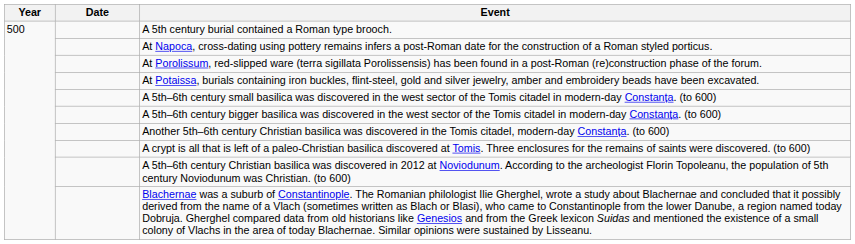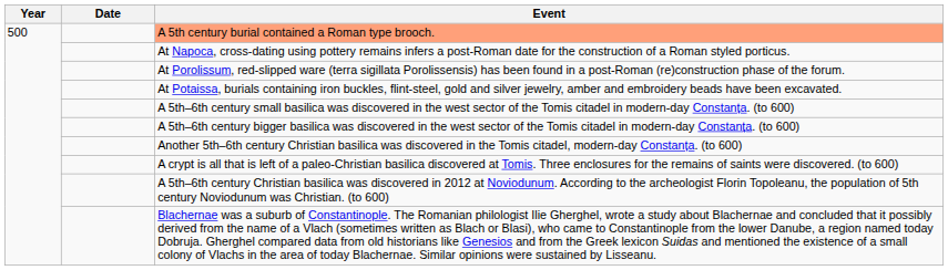 <table class="wikitable" width="100%">
 <tr>
 <th style="width:6%">Year</th>
 <th style="width:10%">Date</th>
 <th>Event</th>
 </tr>
 <tr>
 <td rowspan="10" valign="top">500</td>
 <td></td>
-<td>A 5th century burial contained a Roman type brooch.</td>
+<td style="background: lightsalmon;">A 5th century burial contained a Roman type brooch.</td>
 </tr>
 <tr>
 <td></td>
 <td>At <a href='#'>Napoca</a>, cross-dating using pottery remains infers a post-Roman date for the construction of a Roman styled porticus.</td>
 </tr>
 <tr>
 <td></td>
 <td>At <a href='#'>Porolissum</a>, red-slipped ware (terra sigillata Porolissensis) has been found in a post-Roman (re)construction phase of the forum.</td>
 </tr>
 <tr>
 <td></td>
 <td>At <a href='#'>Potaissa</a>, burials containing iron buckles, flint-steel, gold and silver jewelry, amber and embroidery beads have been excavated.</td>
 </tr>
 <tr>
 <td></td>
 <td>A 5th–6th century small basilica was discovered in the west sector of the Tomis citadel in modern-day <a href='#'>Constanța</a>. (to 600)</td>
 </tr>
 <tr>
 <td></td>
 <td>A 5th–6th century bigger basilica was discovered in the west sector of the Tomis citadel in modern-day <a href='#'>Constanța</a>. (to 600)</td>
 </tr>
 <tr>
 <td></td>
 <td>Another 5th–6th century Christian basilica was discovered in the Tomis citadel, modern-day <a href='#'>Constanța</a>. (to 600)</td>
 </tr>
 <tr>
 <td></td>
 <td>A crypt is all that is left of a paleo-Christian basilica discovered at <a href='#'>Tomis</a>. Three enclosures for the remains of saints were discovered. (to 600)</td>
 </tr>
 <tr>
 <td></td>
 <td>A 5th–6th century Christian basilica was discovered in 2012 at <a href='#'>Noviodunum</a>. According to the archeologist Florin Topoleanu, the population of 5th century Noviodunum was Christian. (to 600)</td>
 </tr>
 <tr>
 <td></td>
 <td><a href='#'>Blachernae</a> was a suburb of <a href='#'>Constantinople</a>. The Romanian philologist Ilie Gherghel, wrote a study about Blachernae and concluded that it possibly derived from the name of a Vlach (sometimes written as Blach or Blasi), who came to Constantinople from the lower Danube, a region named today Dobruja. Gherghel compared data from old historians like <a href='#'>Genesios</a> and from the Greek lexicon <em>Suidas</em> and mentioned the existence of a small colony of Vlachs in the area of today Blachernae. Similar opinions were sustained by Lisseanu.</td>
 </tr>
 </table>
